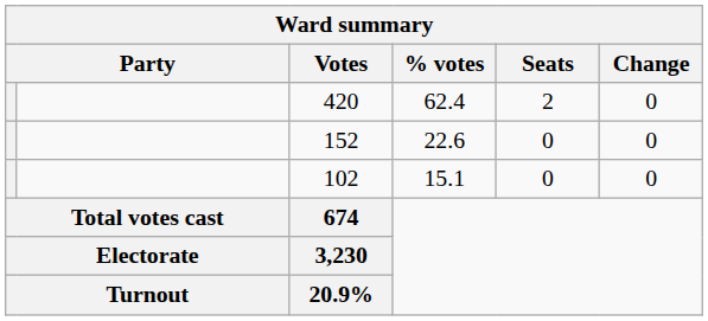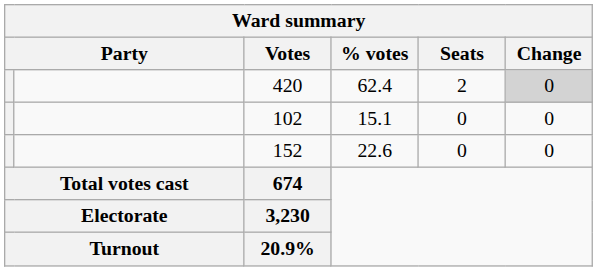 <table class="wikitable" style="font-size: 95%;">
 <tr style="background-color:#E9E9E9">
 <th colspan="6">Ward summary</th>
 </tr>
 <tr style="background-color:#E9E9E9">
 <th colspan="2">Party</th>
 <th style="width: 60px">Votes</th>
 <th style="width: 60px">% votes</th>
 <th style="width: 60px">Seats</th>
 <th style="width: 60px">Change</th>
 </tr>
 <tr>
 <th style="background-color: "></th>
 <td style="width: 170px"><a href='#'></a></td>
 <td align="center">420</td>
 <td align="center">62.4</td>
 <td align="center">2</td>
+<td align="center" style="background: lightgrey;">0</td>
+</tr>
+<tr>
+<th style="background-color: "></th>
+<td style="width: 170px"><a href='#'></a></td>
+<td align="center">102</td>
+<td align="center">15.1</td>
+<td align="center">0</td>
 <td align="center">0</td>
 </tr>
 <tr>
 <th style="background-color: "></th>
 <td style="width: 170px"><a href='#'></a></td>
 <td align="center">152</td>
 <td align="center">22.6</td>
-<td align="center">0</td>
-<td align="center">0</td>
-</tr>
-<tr>
-<th style="background-color: "></th>
-<td style="width: 170px"><a href='#'></a></td>
-<td align="center">102</td>
-<td align="center">15.1</td>
 <td align="center">0</td>
 <td align="center">0</td>
 </tr>
 <tr style="background-color:#E9E9E9">
 <th colspan="2">Total votes cast</th>
 <th style="width: 60px">674</th>
 </tr>
 <tr style="background-color:#E9E9E9">
 <th colspan="2">Electorate</th>
 <th style="width: 60px">3,230</th>
 </tr>
 <tr style="background-color:#E9E9E9">
 <th colspan="2">Turnout</th>
 <th style="width: 60px">20.9%</th>
 </tr>
 </table>
